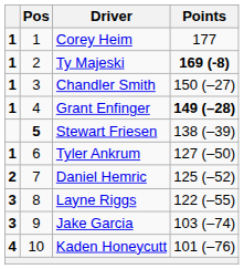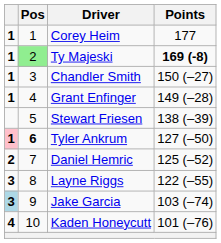 <table class="wikitable" style="font-size: 95%;">
 <tr>
 <th></th>
 <th>Pos</th>
 <th>Driver</th>
 <th>Points</th>
 </tr>
 <tr>
 <td align="left"> <strong>1</strong></td>
 <td style="text-align:center;">1</td>
 <td><a href='#'>Corey Heim</a></td>
 <td style="text-align:center;">177</td>
 </tr>
 <tr>
 <td align="left"> <strong>1</strong></td>
-<td style="text-align:center;">2</td>
+<td style="background: lightgreen; text-align:center;">2</td>
 <td><a href='#'>Ty Majeski</a></td>
 <td style="text-align:center;"><strong>169 (-8)</strong></td>
 </tr>
 <tr>
 <td align="left"> <strong>1</strong></td>
 <td style="text-align:center;">3</td>
 <td><a href='#'>Chandler Smith</a></td>
 <td style="text-align:center;">150 (–27)</td>
 </tr>
 <tr>
 <td align="left"> <strong>1</strong></td>
 <td style="text-align:center;">4</td>
 <td><a href='#'>Grant Enfinger</a></td>
-<td style="text-align:center;"><strong>149 (–28)</strong></td>
+<td style="text-align:center;">149 (–28)</td>
 </tr>
 <tr>
 <td align="left"></td>
-<td style="text-align:center;"><strong>5</strong></td>
+<td style="text-align:center;">5</td>
 <td><a href='#'>Stewart Friesen</a></td>
 <td style="text-align:center;">138 (–39)</td>
 </tr>
 <tr>
-<td align="left"> <strong>1</strong></td>
-<td style="text-align:center;">6</td>
+<td align="left" style="background: pink;"> <strong>1</strong></td>
+<td style="text-align:center;"><strong>6</strong></td>
 <td><a href='#'>Tyler Ankrum</a></td>
 <td style="text-align:center;">127 (–50)</td>
 </tr>
 <tr>
 <td align="left"> <strong>2</strong></td>
 <td style="text-align:center;">7</td>
 <td><a href='#'>Daniel Hemric</a></td>
 <td style="text-align:center;">125 (–52)</td>
 </tr>
 <tr>
 <td align="left"> <strong>3</strong></td>
 <td style="text-align:center;">8</td>
 <td><a href='#'>Layne Riggs</a></td>
 <td style="text-align:center;">122 (–55)</td>
 </tr>
 <tr>
-<td align="left"> <strong>3</strong></td>
+<td align="left" style="background: lightblue;"> <strong>3</strong></td>
 <td style="text-align:center;">9</td>
 <td><a href='#'>Jake Garcia</a></td>
 <td style="text-align:center;">103 (–74)</td>
 </tr>
 <tr>
 <td align="left"> <strong>4</strong></td>
 <td style="text-align:center;">10</td>
 <td><a href='#'>Kaden Honeycutt</a></td>
 <td style="text-align:center;">101 (–76)</td>
 </tr>
 <tr class="sortbottom">
 <th colspan="9"></th>
 </tr>
 </table>
